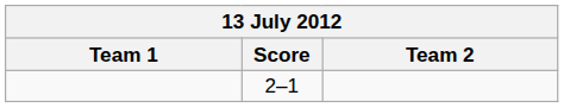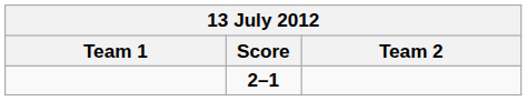 <table class="wikitable" style="text-align: center; font-size:90% ">
 <tr>
 <th colspan=3>13 July 2012</th>
 </tr>
 <tr>
 <th align="right" width="160">Team 1</th>
 <th width="50">Score</th>
 <th align="left" width="160">Team 2</th>
 </tr>
 <tr>
 <td align=right><strong></strong></td>
-<td align=center>2–1</td>
+<td align=center><strong>2–1</strong></td>
 <td align=left></td>
 </tr>
 </table>
